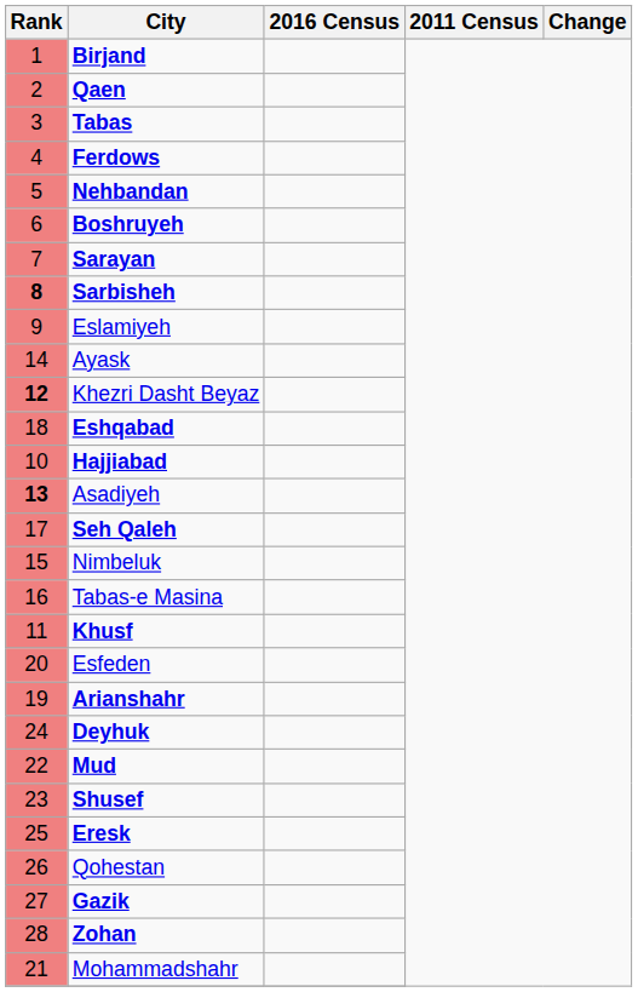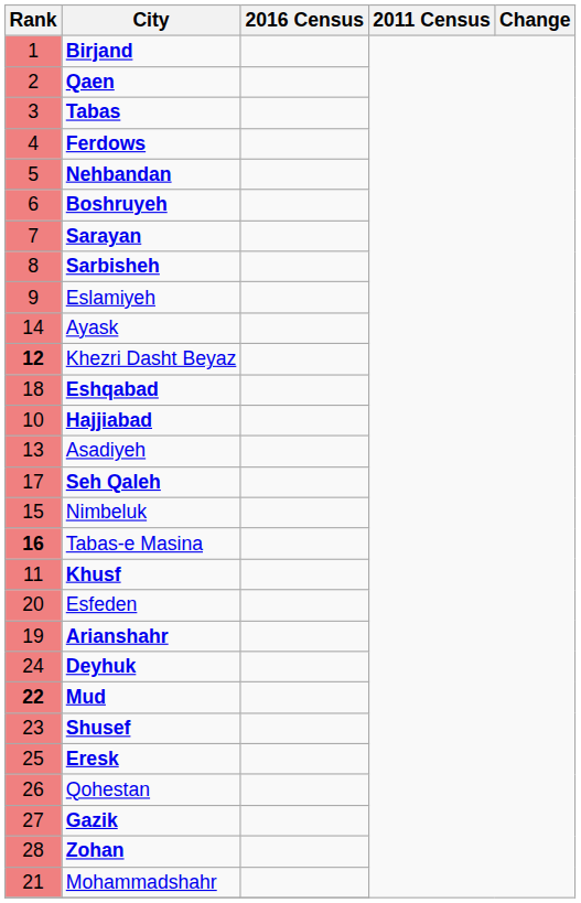 <table class="wikitable sortable">
 <tr>
 <th>Rank</th>
 <th>City</th>
 <th>2016 Census</th>
 <th>2011 Census</th>
 <th>Change</th>
 </tr>
 <tr>
 <td align=center bgcolor="F08080">1</td>
 <td><strong><a href='#'>Birjand</a></strong></td>
 <td></td>
 </tr>
 <tr>
 <td align=center bgcolor="F08080">2</td>
 <td><strong><a href='#'>Qaen</a></strong></td>
 <td></td>
 </tr>
 <tr>
 <td align=center bgcolor="F08080">3</td>
 <td><strong><a href='#'>Tabas</a></strong></td>
 <td></td>
 </tr>
 <tr>
 <td align=center bgcolor="F08080">4</td>
 <td><strong><a href='#'>Ferdows</a></strong></td>
 <td></td>
 </tr>
 <tr>
 <td align=center bgcolor="F08080">5</td>
 <td><strong><a href='#'>Nehbandan</a></strong></td>
 <td></td>
 </tr>
 <tr>
 <td align=center bgcolor="F08080">6</td>
 <td><strong><a href='#'>Boshruyeh</a></strong></td>
 <td></td>
 </tr>
 <tr>
 <td align=center bgcolor="F08080">7</td>
 <td><strong><a href='#'>Sarayan</a></strong></td>
 <td></td>
 </tr>
 <tr>
-<td align=center bgcolor="F08080"><strong>8</strong></td>
+<td align=center bgcolor="F08080">8</td>
 <td><strong><a href='#'>Sarbisheh</a></strong></td>
 <td></td>
 </tr>
 <tr>
 <td align=center bgcolor="F08080">9</td>
 <td><a href='#'>Eslamiyeh</a></td>
 <td></td>
 </tr>
 <tr>
 <td align=center bgcolor="F08080">14</td>
 <td><a href='#'>Ayask</a></td>
 <td></td>
 </tr>
 <tr>
 <td align=center bgcolor="F08080"><strong>12</strong></td>
 <td><a href='#'>Khezri Dasht Beyaz</a></td>
 <td></td>
 </tr>
 <tr>
 <td align=center bgcolor="F08080">18</td>
 <td><strong><a href='#'>Eshqabad</a></strong></td>
 <td></td>
 </tr>
 <tr>
 <td align=center bgcolor="F08080">10</td>
 <td><strong><a href='#'>Hajjiabad</a></strong></td>
 <td></td>
 </tr>
 <tr>
-<td align=center bgcolor="F08080"><strong>13</strong></td>
+<td align=center bgcolor="F08080">13</td>
 <td><a href='#'>Asadiyeh</a></td>
 <td></td>
 </tr>
 <tr>
 <td align=center bgcolor="F08080">17</td>
 <td><strong><a href='#'>Seh Qaleh</a></strong></td>
 <td></td>
 </tr>
 <tr>
 <td align=center bgcolor="F08080">15</td>
 <td><a href='#'>Nimbeluk</a></td>
 <td></td>
 </tr>
 <tr>
-<td align=center bgcolor="F08080">16</td>
+<td align=center bgcolor="F08080"><strong>16</strong></td>
 <td><a href='#'>Tabas-e Masina</a></td>
 <td></td>
 </tr>
 <tr>
 <td align=center bgcolor="F08080">11</td>
 <td><strong><a href='#'>Khusf</a></strong></td>
 <td></td>
 </tr>
 <tr>
 <td align=center bgcolor="F08080">20</td>
 <td><a href='#'>Esfeden</a></td>
 <td></td>
 </tr>
 <tr>
 <td align=center bgcolor="F08080">19</td>
 <td><strong><a href='#'>Arianshahr</a></strong></td>
 <td></td>
 </tr>
 <tr>
 <td align=center bgcolor="F08080">24</td>
 <td><strong><a href='#'>Deyhuk</a></strong></td>
 <td></td>
 </tr>
 <tr>
-<td align=center bgcolor="F08080">22</td>
+<td align=center bgcolor="F08080"><strong>22</strong></td>
 <td><strong><a href='#'>Mud</a></strong></td>
 <td></td>
 </tr>
 <tr>
 <td align=center bgcolor="F08080">23</td>
 <td><strong><a href='#'>Shusef</a></strong></td>
 <td></td>
 </tr>
 <tr>
 <td align=center bgcolor="F08080">25</td>
 <td><strong><a href='#'>Eresk</a></strong></td>
 <td></td>
 </tr>
 <tr>
 <td align=center bgcolor="F08080">26</td>
 <td><a href='#'>Qohestan</a></td>
 <td></td>
 </tr>
 <tr>
 <td align=center bgcolor="F08080">27</td>
 <td><strong><a href='#'>Gazik</a></strong></td>
 <td></td>
 </tr>
 <tr>
 <td align=center bgcolor="F08080">28</td>
 <td><strong><a href='#'>Zohan</a></strong></td>
 <td></td>
 </tr>
 <tr>
 <td align=center bgcolor="F08080">21</td>
 <td><a href='#'>Mohammadshahr</a></td>
 <td></td>
 </tr>
 <tr>
 </tr>
 </table>
